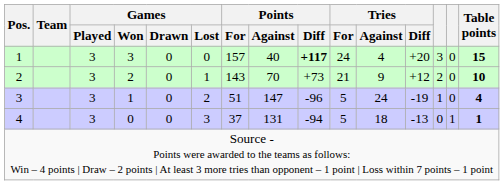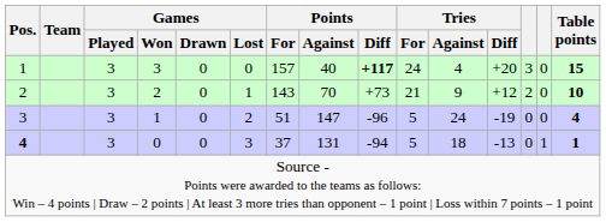 <table class="wikitable" style="text-align:center">
 <tr>
 <th rowspan="2">Pos.</th>
 <th rowspan="2">Team</th>
 <th colspan="4">Games</th>
 <th colspan="3">Points</th>
 <th colspan="3">Tries</th>
 <th rowspan="2"></th>
 <th rowspan="2"></th>
 <th rowspan="2">Table<br>points</th>
 </tr>
 <tr>
 <th>Played</th>
 <th>Won</th>
 <th>Drawn</th>
 <th>Lost</th>
 <th>For</th>
 <th>Against</th>
 <th>Diff</th>
 <th>For</th>
 <th>Against</th>
 <th>Diff</th>
 </tr>
 <tr bgcolor="#ccffcc">
 <td>1</td>
 <td style="text-align:left"></td>
 <td>3</td>
 <td>3</td>
 <td>0</td>
 <td>0</td>
 <td>157</td>
 <td>40</td>
 <td><strong>+117</strong></td>
 <td>24</td>
 <td>4</td>
 <td>+20</td>
 <td>3</td>
 <td>0</td>
 <td><strong>15</strong></td>
 </tr>
 <tr bgcolor="#ccffcc">
 <td>2</td>
 <td style="text-align:left"></td>
 <td>3</td>
 <td>2</td>
 <td>0</td>
 <td>1</td>
 <td>143</td>
 <td>70</td>
 <td>+73</td>
 <td>21</td>
 <td>9</td>
 <td>+12</td>
 <td>2</td>
 <td>0</td>
 <td><strong>10</strong></td>
 </tr>
 <tr bgcolor="#CCCCFF">
 <td>3</td>
 <td style="text-align:left"></td>
 <td>3</td>
 <td>1</td>
 <td>0</td>
 <td>2</td>
 <td>51</td>
 <td>147</td>
 <td>-96</td>
 <td>5</td>
 <td>24</td>
 <td>-19</td>
-<td>1</td>
+<td>0</td>
 <td>0</td>
 <td><strong>4</strong></td>
 </tr>
 <tr bgcolor="#CCCCFF">
-<td>4</td>
+<td><strong>4</strong></td>
 <td style="text-align:left"></td>
 <td>3</td>
 <td>0</td>
 <td>0</td>
 <td>3</td>
 <td>37</td>
 <td>131</td>
 <td>-94</td>
 <td>5</td>
 <td>18</td>
 <td>-13</td>
 <td>0</td>
 <td>1</td>
 <td><strong>1</strong></td>
 </tr>
 <tr>
 <td colspan="100%" style="text-align:center">Source - <br><small>Points were awarded to the teams as follows:<br>Win – 4 points | Draw – 2 points | At least 3 more tries than opponent – 1 point | Loss within 7 points – 1 point</small></td>
 </tr>
 </table>
